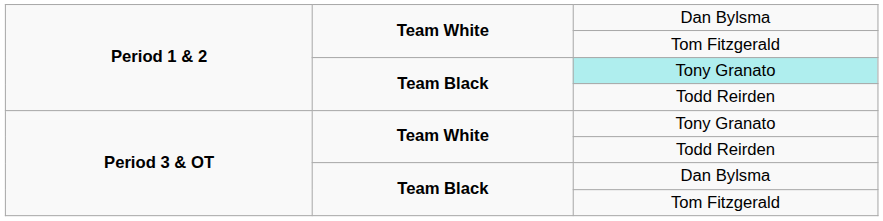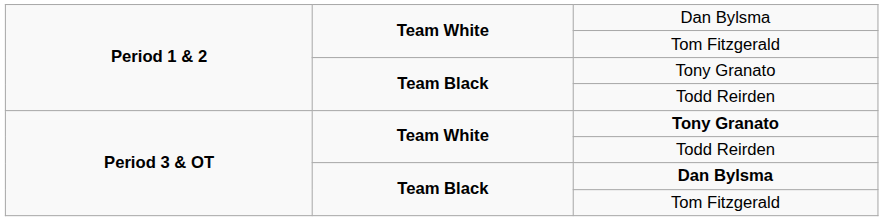 <table class="wikitable" style="width:95%; text-align:center;margin: 0.5em auto;">
 <tr>
 <td rowspan=4><strong>Period 1 & 2</strong></td>
 <td rowspan=2><strong>Team White</strong></td>
 <td>Dan Bylsma</td>
 </tr>
 <tr>
 <td>Tom Fitzgerald</td>
 </tr>
 <tr>
 <td rowspan=2><strong>Team Black</strong></td>
-<td style="background: paleturquoise;">Tony Granato</td>
+<td>Tony Granato</td>
 </tr>
 <tr>
 <td>Todd Reirden</td>
 </tr>
 <tr>
 <td rowspan=4><strong>Period 3 & OT</strong></td>
 <td rowspan=2><strong>Team White</strong></td>
-<td>Tony Granato</td>
+<td><strong>Tony Granato</strong></td>
 </tr>
 <tr>
 <td>Todd Reirden</td>
 </tr>
 <tr>
 <td rowspan=2><strong>Team Black</strong></td>
-<td>Dan Bylsma</td>
+<td><strong>Dan Bylsma</strong></td>
 </tr>
 <tr>
 <td>Tom Fitzgerald</td>
 </tr>
 </table>
